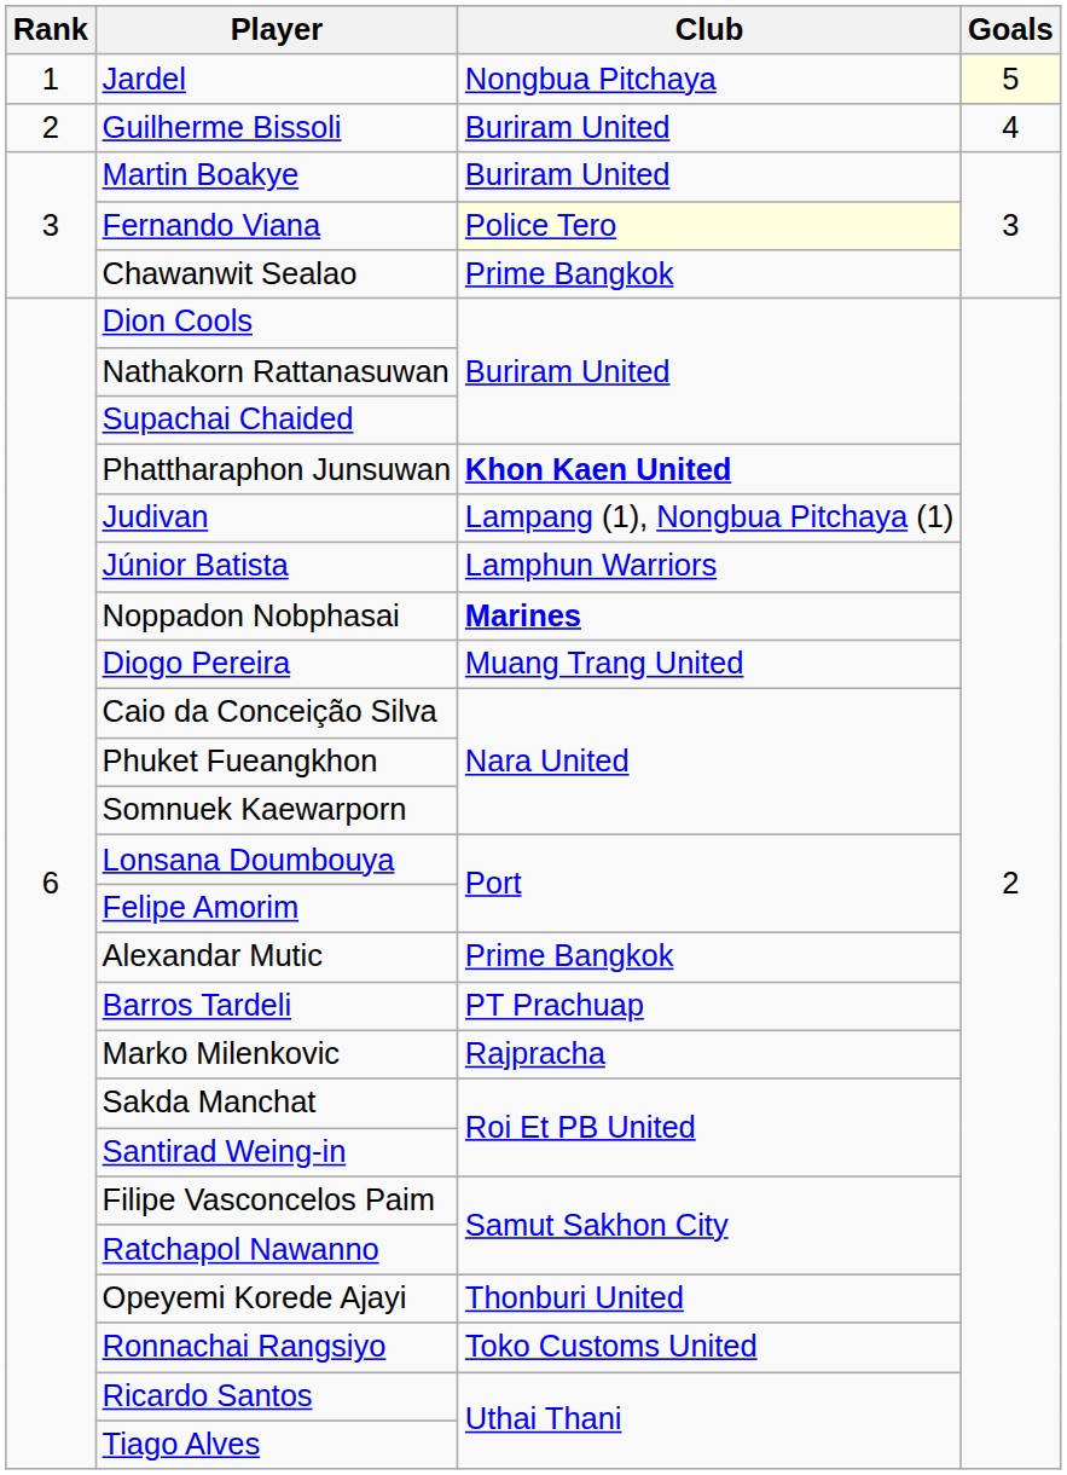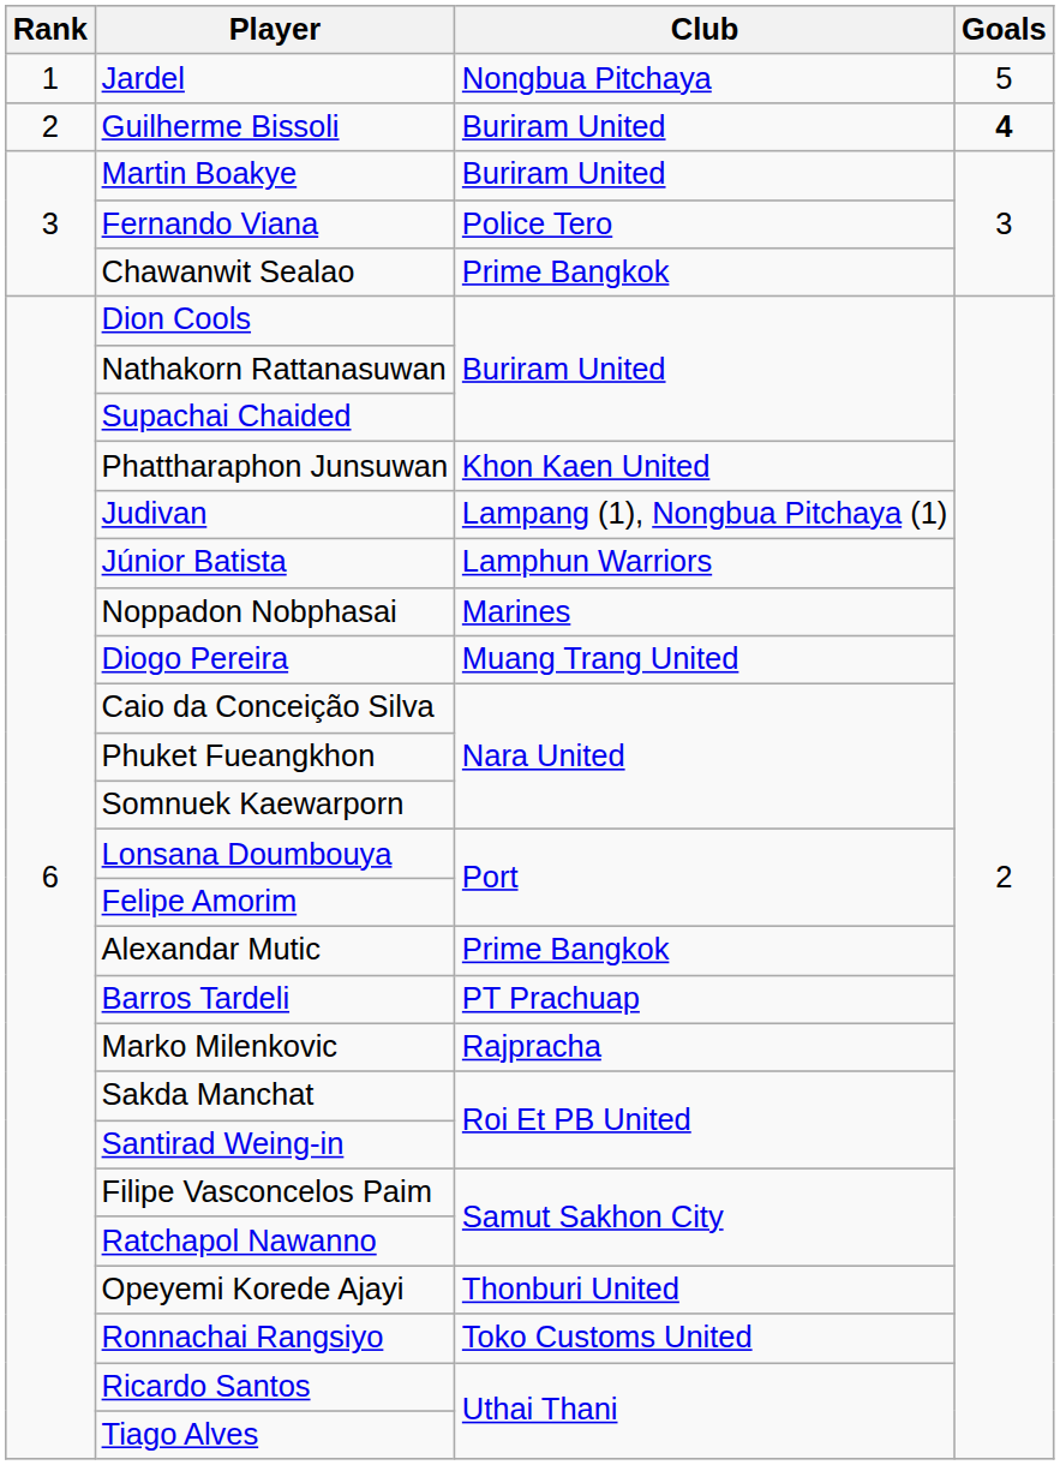 <table class="wikitable sortable" style="text-align:center">
 <tr>
 <th>Rank</th>
 <th>Player</th>
 <th>Club</th>
 <th>Goals</th>
 </tr>
 <tr>
 <td>1</td>
 <td align="left"> <a href='#'>Jardel</a></td>
 <td align="left"><a href='#'>Nongbua Pitchaya</a></td>
-<td style="background: lightyellow;">5</td>
+<td>5</td>
 </tr>
 <tr>
 <td>2</td>
 <td align="left"> <a href='#'>Guilherme Bissoli</a></td>
 <td align="left"><a href='#'>Buriram United</a></td>
-<td>4</td>
+<td><strong>4</strong></td>
 </tr>
 <tr>
 <td rowspan="3">3</td>
 <td align="left"> <a href='#'>Martin Boakye</a></td>
 <td align="left"><a href='#'>Buriram United</a></td>
 <td rowspan="3">3</td>
 </tr>
 <tr>
 <td align="left"> <a href='#'>Fernando Viana</a></td>
-<td align="left" style="background: lightyellow;"><a href='#'>Police Tero</a></td>
+<td align="left"><a href='#'>Police Tero</a></td>
 </tr>
 <tr>
 <td align="left"> Chawanwit Sealao</td>
 <td align="left"><a href='#'>Prime Bangkok</a></td>
 </tr>
 <tr>
 <td rowspan="24">6</td>
 <td align="left"> <a href='#'>Dion Cools</a></td>
 <td align="left"rowspan="3"><a href='#'>Buriram United</a></td>
 <td rowspan="24">2</td>
 </tr>
 <tr>
 <td align="left"> Nathakorn Rattanasuwan</td>
 </tr>
 <tr>
 <td align="left"> <a href='#'>Supachai Chaided</a></td>
 </tr>
 <tr>
 <td align="left"> Phattharaphon Junsuwan</td>
-<td align="left"><strong><a href='#'>Khon Kaen United</a></strong></td>
+<td align="left"><a href='#'>Khon Kaen United</a></td>
 </tr>
 <tr>
 <td align="left"> <a href='#'>Judivan</a></td>
 <td align="left"><a href='#'>Lampang</a> (1), <a href='#'>Nongbua Pitchaya</a> (1)</td>
 </tr>
 <tr>
 <td align="left"> <a href='#'>Júnior Batista</a></td>
 <td align="left"><a href='#'>Lamphun Warriors</a></td>
 </tr>
 <tr>
 <td align="left"> Noppadon Nobphasai</td>
-<td align="left"><strong><a href='#'>Marines</a></strong></td>
+<td align="left"><a href='#'>Marines</a></td>
 </tr>
 <tr>
 <td align="left"> <a href='#'>Diogo Pereira</a></td>
 <td align="left"><a href='#'>Muang Trang United</a></td>
 </tr>
 <tr>
 <td align="left"> Caio da Conceição Silva</td>
 <td align="left"rowspan="3"><a href='#'>Nara United</a></td>
 </tr>
 <tr>
 <td align="left"> Phuket Fueangkhon</td>
 </tr>
 <tr>
 <td align="left"> Somnuek Kaewarporn</td>
 </tr>
 <tr>
 <td align="left"> <a href='#'>Lonsana Doumbouya</a></td>
 <td align="left"rowspan="2"><a href='#'>Port</a></td>
 </tr>
 <tr>
 <td align="left"> <a href='#'>Felipe Amorim</a></td>
 </tr>
 <tr>
 <td align="left"> Alexandar Mutic</td>
 <td align="left"><a href='#'>Prime Bangkok</a></td>
 </tr>
 <tr>
 <td align="left"> <a href='#'>Barros Tardeli</a></td>
 <td align="left"><a href='#'>PT Prachuap</a></td>
 </tr>
 <tr>
 <td align="left"> Marko Milenkovic</td>
 <td align="left"><a href='#'>Rajpracha</a></td>
 </tr>
 <tr>
 <td align="left"> Sakda Manchat</td>
 <td align="left"rowspan="2"><a href='#'>Roi Et PB United</a></td>
 </tr>
 <tr>
 <td align="left"> <a href='#'>Santirad Weing-in</a></td>
 </tr>
 <tr>
 <td align="left"> Filipe Vasconcelos Paim</td>
 <td align="left"rowspan="2"><a href='#'>Samut Sakhon City</a></td>
 </tr>
 <tr>
 <td align="left"> <a href='#'>Ratchapol Nawanno</a></td>
 </tr>
 <tr>
 <td align="left"> Opeyemi Korede Ajayi</td>
 <td align="left"><a href='#'>Thonburi United</a></td>
 </tr>
 <tr>
 <td align="left"> <a href='#'>Ronnachai Rangsiyo</a></td>
 <td align="left"><a href='#'>Toko Customs United</a></td>
 </tr>
 <tr>
 <td align="left"> <a href='#'>Ricardo Santos</a></td>
 <td align="left"rowspan="2"><a href='#'>Uthai Thani</a></td>
 </tr>
 <tr>
 <td align="left"> <a href='#'>Tiago Alves</a></td>
 </tr>
 </table>
